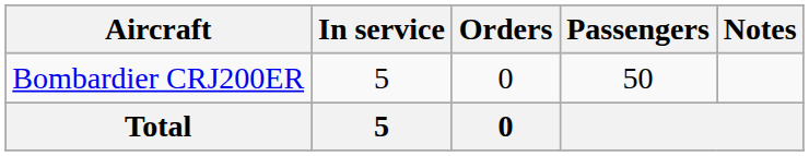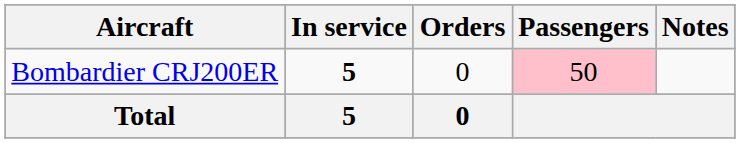 <table class="wikitable" style="margin:1em auto; text-align:center;">
 <tr>
 <th>Aircraft</th>
 <th>In service</th>
 <th>Orders</th>
 <th>Passengers</th>
 <th>Notes</th>
 </tr>
 <tr>
 <td><a href='#'>Bombardier CRJ200ER</a></td>
-<td>5</td>
+<td><strong>5</strong></td>
 <td>0</td>
-<td>50</td>
+<td style="background: pink;">50</td>
 <td></td>
 </tr>
 <tr>
 <th>Total</th>
 <th>5</th>
 <th>0</th>
 <th colspan="4"></th>
 </tr>
 </table>
